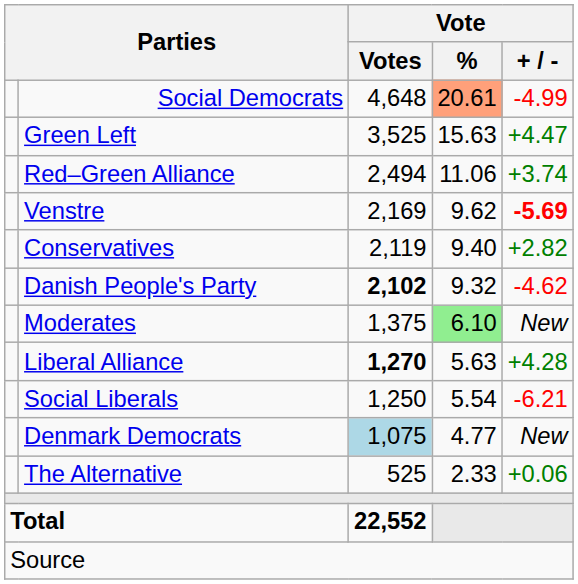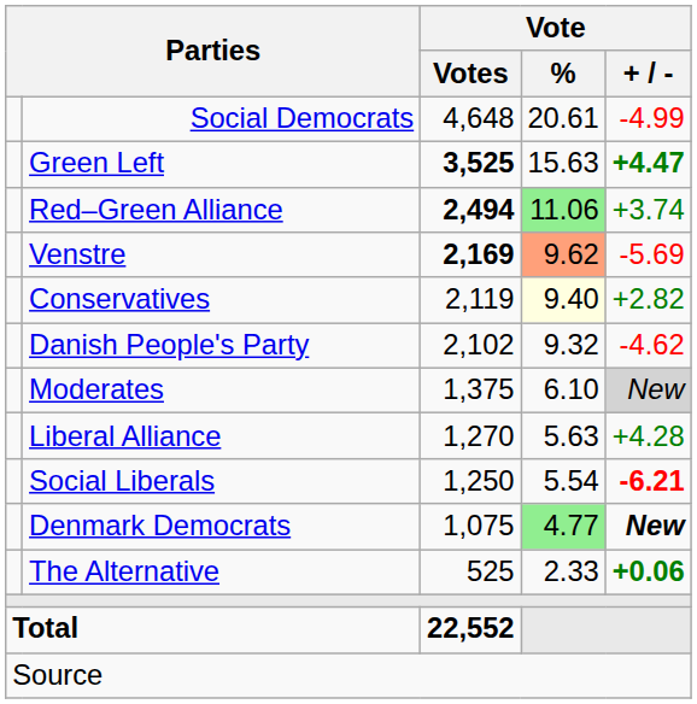 <table class="wikitable" style="text-align:right;">
 <tr>
 <th style="text-align:centre;" rowspan="2" colspan="2" width="225">Parties</th>
 <th colspan="3">Vote</th>
 </tr>
 <tr>
 <th width="15">Votes</th>
 <th width="15">%</th>
 <th width="15">+ / -</th>
 </tr>
 <tr>
 <td width=2 bgcolor=></td>
 <td><a href='#'>Social Democrats</a></td>
 <td>4,648</td>
-<td style="background: lightsalmon;">20.61</td>
+<td>20.61</td>
 <td style=color:red;>-4.99</td>
 </tr>
 <tr>
 <td width=2 bgcolor=></td>
 <td align=left><a href='#'>Green Left</a></td>
-<td>3,525</td>
+<td><strong>3,525</strong></td>
 <td>15.63</td>
-<td style=color:green;>+4.47</td>
+<td style=color:green;><strong>+4.47</strong></td>
 </tr>
 <tr>
 <td width=2 bgcolor=></td>
 <td align=left><a href='#'>Red–Green Alliance</a></td>
-<td>2,494</td>
-<td>11.06</td>
+<td><strong>2,494</strong></td>
+<td style="background: lightgreen;">11.06</td>
 <td style=color:green;>+3.74</td>
 </tr>
 <tr>
 <td width=2 bgcolor=></td>
 <td align=left><a href='#'>Venstre</a></td>
-<td>2,169</td>
-<td>9.62</td>
-<td style=color:red;><strong>-5.69</strong></td>
+<td><strong>2,169</strong></td>
+<td style="background: lightsalmon;">9.62</td>
+<td style=color:red;>-5.69</td>
 </tr>
 <tr>
 <td width=2 bgcolor=></td>
 <td align=left><a href='#'>Conservatives</a></td>
 <td>2,119</td>
-<td>9.40</td>
+<td style="background: lightyellow;">9.40</td>
 <td style=color:green;>+2.82</td>
 </tr>
 <tr>
 <td width=2 bgcolor=></td>
 <td align=left><a href='#'>Danish People's Party</a></td>
-<td><strong>2,102</strong></td>
+<td>2,102</td>
 <td>9.32</td>
 <td style=color:red;>-4.62</td>
 </tr>
 <tr>
 <td width=2 bgcolor=></td>
 <td align=left><a href='#'>Moderates</a></td>
 <td>1,375</td>
-<td style="background: lightgreen;">6.10</td>
-<td><em>New</em></td>
+<td>6.10</td>
+<td style="background: lightgrey;"><em>New</em></td>
 </tr>
 <tr>
 <td width=2 bgcolor=></td>
 <td align=left><a href='#'>Liberal Alliance</a></td>
-<td><strong>1,270</strong></td>
+<td>1,270</td>
 <td>5.63</td>
 <td style=color:green;>+4.28</td>
 </tr>
 <tr>
 <td width=2 bgcolor=></td>
 <td align=left><a href='#'>Social Liberals</a></td>
 <td>1,250</td>
 <td>5.54</td>
-<td style=color:red;>-6.21</td>
+<td style=color:red;><strong>-6.21</strong></td>
 </tr>
 <tr>
 <td width=2 bgcolor=></td>
 <td align=left><a href='#'>Denmark Democrats</a></td>
-<td style="background: lightblue;">1,075</td>
-<td>4.77</td>
-<td><em>New</em></td>
+<td>1,075</td>
+<td style="background: lightgreen;">4.77</td>
+<td><strong><em>New</em></strong></td>
 </tr>
 <tr>
 <td width=2 bgcolor=></td>
 <td align=left><a href='#'>The Alternative</a></td>
 <td>525</td>
 <td>2.33</td>
-<td style=color:green;>+0.06</td>
+<td style=color:green;><strong>+0.06</strong></td>
 </tr>
 <tr>
 <td colspan="7" bgcolor="#E9E9E9"></td>
 </tr>
 <tr>
 <td align="left" colspan="2"><strong>Total</strong></td>
 <td><strong>22,552</strong></td>
 <td bgcolor=#E9E9E9 colspan=2></td>
 </tr>
 <tr>
 <td align="left" colspan="6">Source</td>
 </tr>
 </table>
